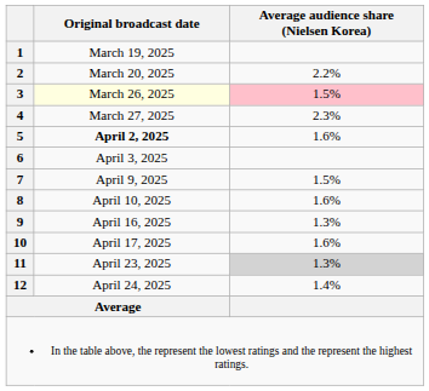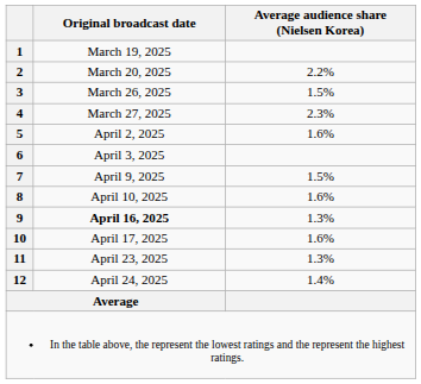 <table class="wikitable" style="margin-left:auto; margin-right:auto; width:500px; text-align:center">
 <tr>
 <th scope="col"></th>
 <th scope="col">Original broadcast date</th>
 <th scope="col">Average audience share<br>(Nielsen Korea)</th>
 </tr>
 <tr>
 <th scope="col">1</th>
 <td>March 19, 2025</td>
 <td><strong></strong> </td>
 </tr>
 <tr>
 <th scope="col">2</th>
 <td>March 20, 2025</td>
 <td>2.2% </td>
 </tr>
 <tr>
 <th scope="col">3</th>
-<td style="background: lightyellow;">March 26, 2025</td>
-<td style="background: pink;">1.5% </td>
+<td>March 26, 2025</td>
+<td>1.5% </td>
 </tr>
 <tr>
 <th scope="col">4</th>
 <td>March 27, 2025</td>
 <td>2.3% </td>
 </tr>
 <tr>
 <th scope="col">5</th>
-<td><strong>April 2, 2025</strong></td>
+<td>April 2, 2025</td>
 <td>1.6% </td>
 </tr>
 <tr>
 <th scope="col">6</th>
 <td>April 3, 2025</td>
 <td><strong></strong> </td>
 </tr>
 <tr>
 <th scope="col">7</th>
 <td>April 9, 2025</td>
 <td>1.5% </td>
 </tr>
 <tr>
 <th scope="col">8</th>
 <td>April 10, 2025</td>
 <td>1.6% </td>
 </tr>
 <tr>
 <th scope="col">9</th>
-<td>April 16, 2025</td>
+<td><strong>April 16, 2025</strong></td>
 <td>1.3% </td>
 </tr>
 <tr>
 <th scope="col">10</th>
 <td>April 17, 2025</td>
 <td>1.6% </td>
 </tr>
 <tr>
 <th scope="col">11</th>
 <td>April 23, 2025</td>
-<td style="background: lightgrey;">1.3% </td>
+<td>1.3% </td>
 </tr>
 <tr>
 <th scope="col">12</th>
 <td>April 24, 2025</td>
 <td>1.4% </td>
 </tr>
 <tr>
 <th colspan="2" scope="col">Average</th>
 <th scope="col"></th>
 </tr>
 <tr>
 <td colspan="3" style="font-size:85%"><br><ul><li>In the table above, the <strong></strong> represent the lowest ratings and the <strong></strong> represent the highest ratings.</li></ul></td>
 </tr>
 </table>
